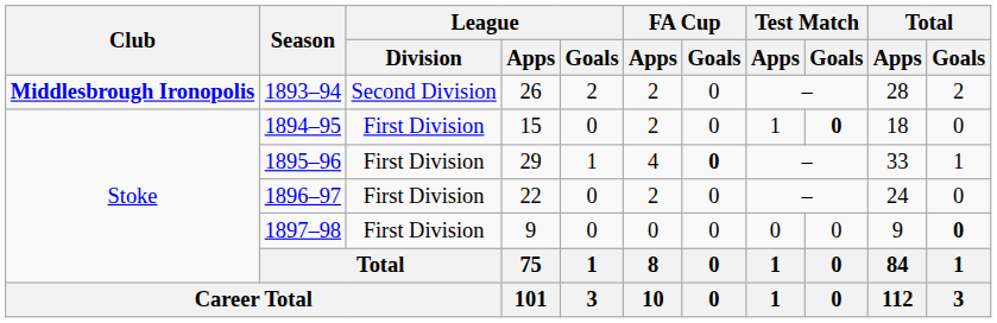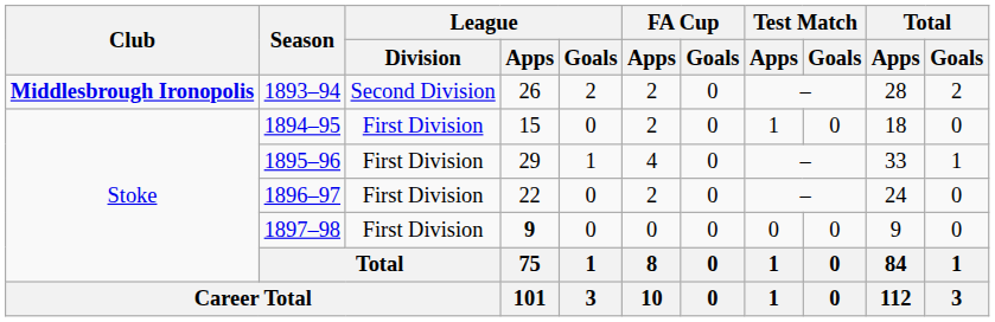 <table class="wikitable" style="text-align: center;">
 <tr>
 <th rowspan="2">Club</th>
 <th rowspan="2">Season</th>
 <th colspan="3">League</th>
 <th colspan="2">FA Cup</th>
 <th colspan="2">Test Match</th>
 <th colspan="2">Total</th>
 </tr>
 <tr>
 <th>Division</th>
 <th>Apps</th>
 <th>Goals</th>
 <th>Apps</th>
 <th>Goals</th>
 <th>Apps</th>
 <th>Goals</th>
 <th>Apps</th>
 <th>Goals</th>
 </tr>
 <tr>
 <td><strong><a href='#'>Middlesbrough Ironopolis</a></strong></td>
 <td><a href='#'>1893–94</a></td>
 <td><a href='#'>Second Division</a></td>
 <td>26</td>
 <td>2</td>
 <td>2</td>
 <td>0</td>
 <td colspan="2">–</td>
 <td>28</td>
 <td>2</td>
 </tr>
 <tr>
 <td rowspan="5"><a href='#'>Stoke</a></td>
 <td><a href='#'>1894–95</a></td>
 <td><a href='#'>First Division</a></td>
 <td>15</td>
 <td>0</td>
 <td>2</td>
 <td>0</td>
 <td>1</td>
-<td><strong>0</strong></td>
+<td>0</td>
 <td>18</td>
 <td>0</td>
 </tr>
 <tr>
 <td><a href='#'>1895–96</a></td>
 <td>First Division</td>
 <td>29</td>
 <td>1</td>
 <td>4</td>
-<td><strong>0</strong></td>
+<td>0</td>
 <td colspan="2">–</td>
 <td>33</td>
 <td>1</td>
 </tr>
 <tr>
 <td><a href='#'>1896–97</a></td>
 <td>First Division</td>
 <td>22</td>
 <td>0</td>
 <td>2</td>
 <td>0</td>
 <td colspan="2">–</td>
 <td>24</td>
 <td>0</td>
 </tr>
 <tr>
 <td><a href='#'>1897–98</a></td>
 <td>First Division</td>
-<td>9</td>
+<td><strong>9</strong></td>
 <td>0</td>
 <td>0</td>
 <td>0</td>
 <td>0</td>
 <td>0</td>
 <td>9</td>
-<td><strong>0</strong></td>
+<td>0</td>
 </tr>
 <tr>
 <th colspan=2>Total</th>
 <th>75</th>
 <th>1</th>
 <th>8</th>
 <th>0</th>
 <th>1</th>
 <th>0</th>
 <th>84</th>
 <th>1</th>
 </tr>
 <tr>
 <th colspan="3">Career Total</th>
 <th>101</th>
 <th>3</th>
 <th>10</th>
 <th>0</th>
 <th>1</th>
 <th>0</th>
 <th>112</th>
 <th>3</th>
 </tr>
 </table>
